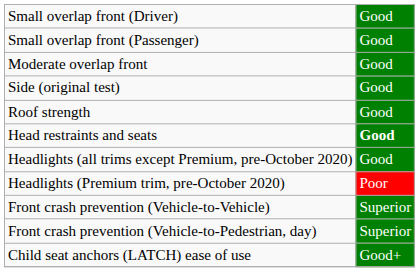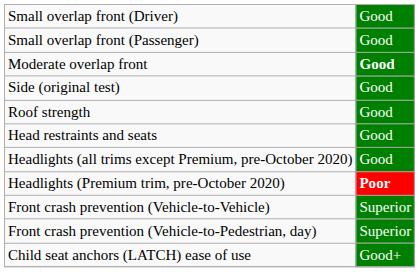 <table class="wikitable">
 <tr>
 <td>Small overlap front (Driver)</td>
 <td style="color:white;background: green">Good</td>
 </tr>
 <tr>
 <td>Small overlap front (Passenger)</td>
 <td style="color:white;background: green">Good</td>
 </tr>
 <tr>
 <td>Moderate overlap front</td>
-<td style="color:white;background: green">Good</td>
+<td style="color:white;background: green"><strong>Good</strong></td>
 </tr>
 <tr>
 <td>Side (original test)</td>
 <td style="color:white;background: green">Good</td>
 </tr>
 <tr>
 <td>Roof strength</td>
 <td style="color:white;background: green">Good</td>
 </tr>
 <tr>
 <td>Head restraints and seats</td>
-<td style="color:white;background: green"><strong>Good</strong></td>
+<td style="color:white;background: green">Good</td>
 </tr>
 <tr>
 <td>Headlights (all trims except Premium, pre-October 2020)</td>
 <td style="color:white;background: green">Good</td>
 </tr>
 <tr>
 <td>Headlights (Premium trim, pre-October 2020)</td>
-<td style="color:white;background: red">Poor</td>
+<td style="color:white;background: red"><strong>Poor</strong></td>
 </tr>
 <tr>
 <td>Front crash prevention (Vehicle-to-Vehicle)</td>
 <td style="color:white;background: green">Superior</td>
 </tr>
 <tr>
 <td>Front crash prevention (Vehicle-to-Pedestrian, day)</td>
 <td style="color:white;background: green">Superior</td>
 </tr>
 <tr>
 <td>Child seat anchors (LATCH) ease of use</td>
 <td style="color:white;background: green">Good+</td>
 </tr>
 <tr>
 </tr>
 </table>
